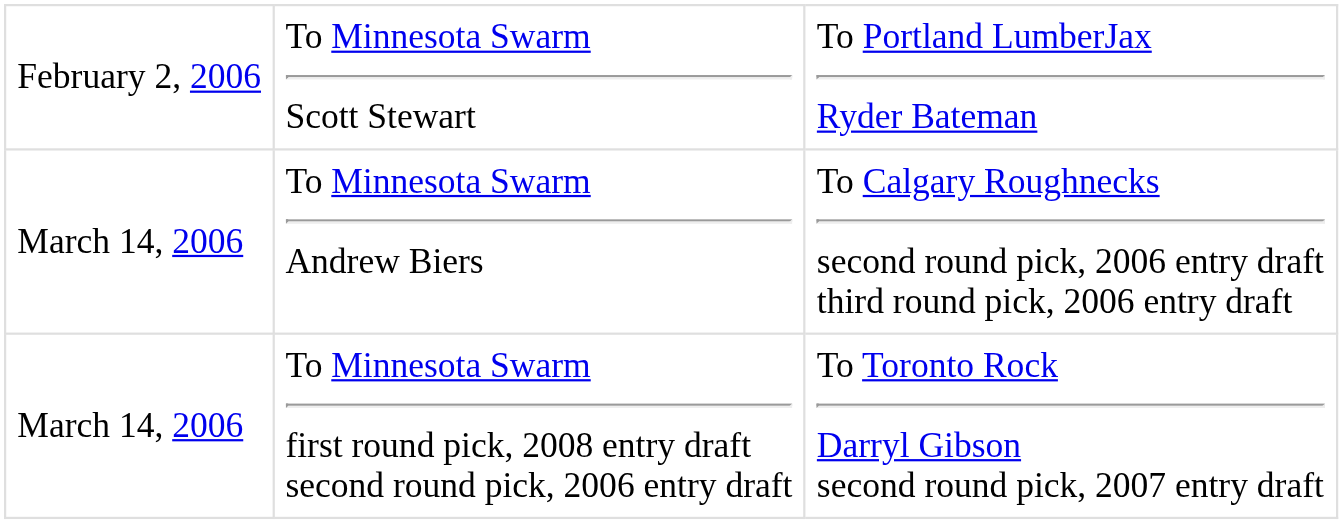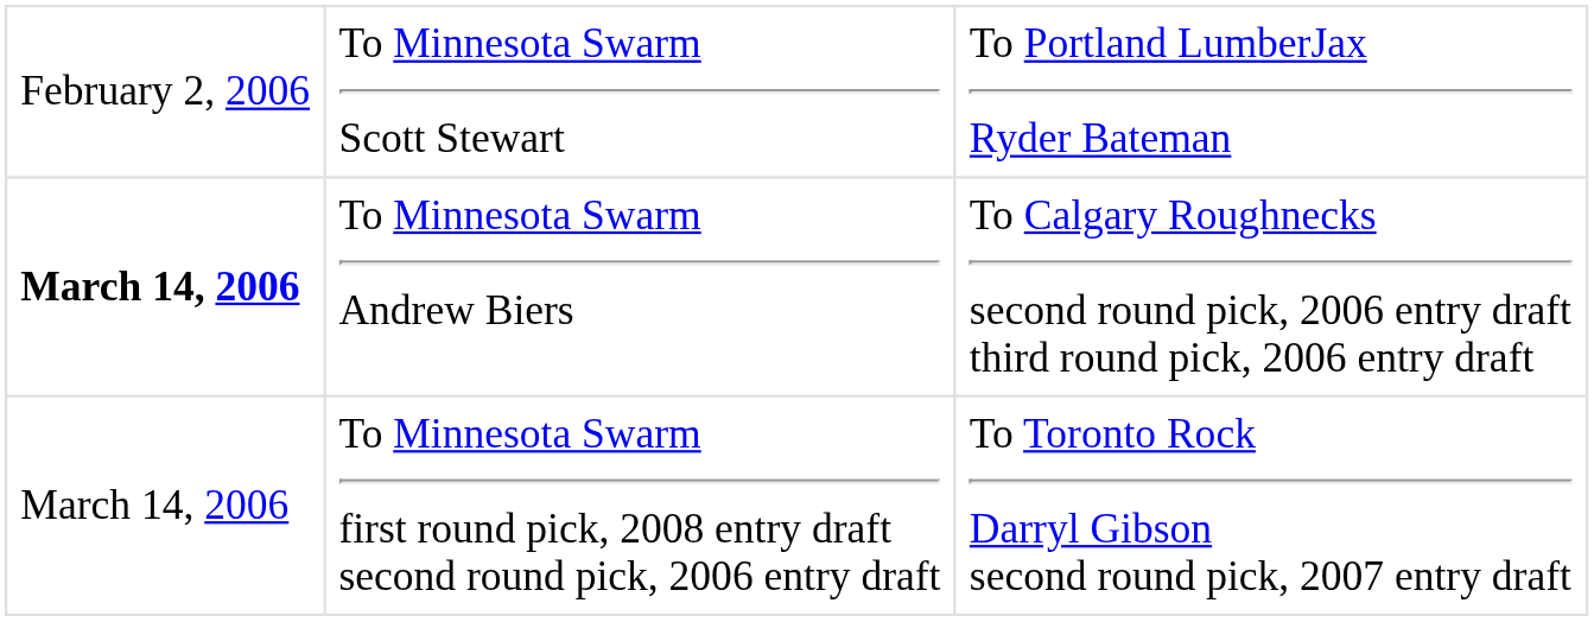 <table border=1 style="border-collapse:collapse" bordercolor="#DFDFDF"  cellpadding="5">
 <tr>
 <td>February 2, <a href='#'>2006</a></td>
 <td valign="top">To <a href='#'>Minnesota Swarm</a> <hr>Scott Stewart</td>
 <td valign="top">To <a href='#'>Portland LumberJax</a> <hr><a href='#'>Ryder Bateman</a></td>
 </tr>
 <tr>
-<td>March 14, <a href='#'>2006</a></td>
+<td><strong>March 14, <a href='#'>2006</a></strong></td>
 <td valign="top">To <a href='#'>Minnesota Swarm</a> <hr>Andrew Biers</td>
 <td valign="top">To <a href='#'>Calgary Roughnecks</a> <hr>second round pick, 2006 entry draft<br>third round pick, 2006 entry draft</td>
 </tr>
 <tr>
 <td>March 14, <a href='#'>2006</a></td>
 <td valign="top">To <a href='#'>Minnesota Swarm</a> <hr>first round pick, 2008 entry draft<br>second round pick, 2006 entry draft</td>
 <td valign="top">To <a href='#'>Toronto Rock</a> <hr><a href='#'>Darryl Gibson</a><br>second round pick, 2007 entry draft</td>
 </tr>
 </table>
